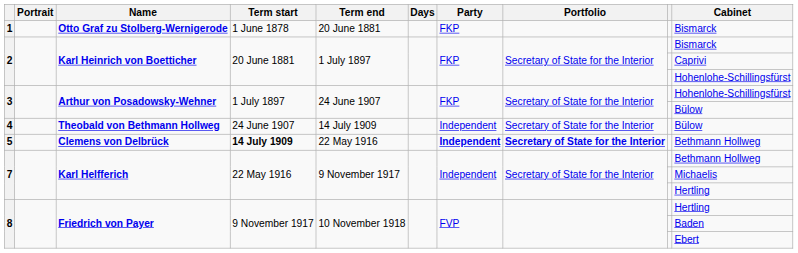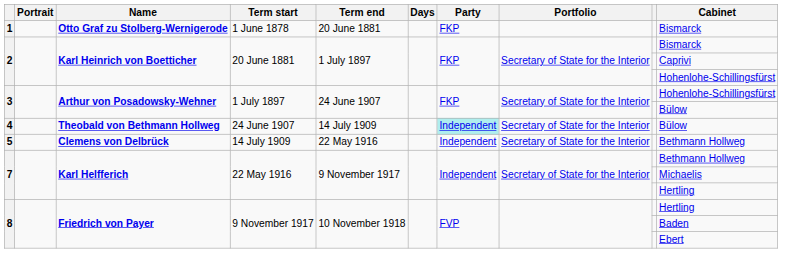 <table class="wikitable sortable">
 <tr>
 <th class="unsortable"></th>
 <th class="unsortable">Portrait</th>
 <th>Name</th>
 <th data-sort-type="date">Term start</th>
 <th data-sort-type="date">Term end</th>
 <th>Days</th>
 <th>Party</th>
 <th>Portfolio</th>
 <th class="unsortable"></th>
 <th>Cabinet</th>
 </tr>
 <tr>
 <th style="background:">1</th>
 <td></td>
 <td><strong><a href='#'>Otto Graf zu Stolberg-Wernigerode</a></strong><br></td>
 <td>1 June 1878</td>
 <td>20 June 1881</td>
 <td></td>
 <td><a href='#'>FKP</a></td>
 <td></td>
 <td style="background:"></td>
 <td><a href='#'>Bismarck</a></td>
 </tr>
 <tr>
 <th rowspan=3 style="background:">2</th>
 <td rowspan=3></td>
 <td rowspan=3><strong><a href='#'>Karl Heinrich von Boetticher</a></strong><br></td>
 <td rowspan=3>20 June 1881</td>
 <td rowspan=3>1 July 1897</td>
 <td rowspan=3></td>
 <td rowspan=3><a href='#'>FKP</a></td>
 <td rowspan=3><a href='#'>Secretary of State for the Interior</a></td>
 <td style="background:"></td>
 <td><a href='#'>Bismarck</a></td>
 </tr>
 <tr>
 <td style="background:"></td>
 <td><a href='#'>Caprivi</a></td>
 </tr>
 <tr>
 <td style="background:"></td>
 <td><a href='#'>Hohenlohe-Schillingsfürst</a></td>
 </tr>
 <tr>
 <th rowspan=2 style="background:">3</th>
 <td rowspan=2></td>
 <td rowspan=2><strong><a href='#'>Arthur von Posadowsky-Wehner</a></strong><br></td>
 <td rowspan=2>1 July 1897</td>
 <td rowspan=2>24 June 1907</td>
 <td rowspan=2></td>
 <td rowspan=2><a href='#'>FKP</a></td>
 <td rowspan=2><a href='#'>Secretary of State for the Interior</a></td>
 <td style="background:"></td>
 <td><a href='#'>Hohenlohe-Schillingsfürst</a></td>
 </tr>
 <tr>
 <td style="background:"></td>
 <td><a href='#'>Bülow</a></td>
 </tr>
 <tr>
 <th style="background:">4</th>
 <td></td>
 <td><strong><a href='#'>Theobald von Bethmann Hollweg</a></strong><br></td>
 <td>24 June 1907</td>
 <td>14 July 1909</td>
 <td></td>
-<td><a href='#'>Independent</a></td>
+<td style="background: paleturquoise;"><a href='#'>Independent</a></td>
 <td><a href='#'>Secretary of State for the Interior</a></td>
 <td style="background:"></td>
 <td><a href='#'>Bülow</a></td>
 </tr>
 <tr>
 <th style="background:">5</th>
 <td></td>
 <td><strong><a href='#'>Clemens von Delbrück</a></strong><br></td>
-<td><strong>14 July 1909</strong></td>
+<td>14 July 1909</td>
 <td>22 May 1916</td>
 <td></td>
-<td><strong><a href='#'>Independent</a></strong></td>
-<td><strong><a href='#'>Secretary of State for the Interior</a></strong></td>
+<td><a href='#'>Independent</a></td>
+<td><a href='#'>Secretary of State for the Interior</a></td>
 <td style="background:"></td>
 <td><a href='#'>Bethmann Hollweg</a></td>
 </tr>
 <tr>
 <th rowspan=3 style="background:">7</th>
 <td rowspan=3></td>
 <td rowspan=3><strong><a href='#'>Karl Helfferich</a></strong><br></td>
 <td rowspan=3>22 May 1916</td>
 <td rowspan=3>9 November 1917</td>
 <td rowspan=3></td>
 <td rowspan=3><a href='#'>Independent</a></td>
 <td rowspan=3><a href='#'>Secretary of State for the Interior</a><br></td>
 <td style="background:"></td>
 <td><a href='#'>Bethmann Hollweg</a></td>
 </tr>
 <tr>
 <td style="background:"></td>
 <td><a href='#'>Michaelis</a></td>
 </tr>
 <tr>
 <td style="background:"></td>
 <td><a href='#'>Hertling</a></td>
 </tr>
 <tr>
 <th rowspan=3 style="background:">8</th>
 <td rowspan=3></td>
 <td rowspan=3><strong><a href='#'>Friedrich von Payer</a></strong><br></td>
 <td rowspan=3>9 November 1917</td>
 <td rowspan=3>10 November 1918</td>
 <td rowspan=3></td>
 <td rowspan=3><a href='#'>FVP</a></td>
 <td rowspan=3></td>
 <td style="background:"></td>
 <td><a href='#'>Hertling</a></td>
 </tr>
 <tr>
 <td style="background:"></td>
 <td><a href='#'>Baden</a></td>
 </tr>
 <tr>
 <td style="background:"></td>
 <td><a href='#'>Ebert</a></td>
 </tr>
 </table>
